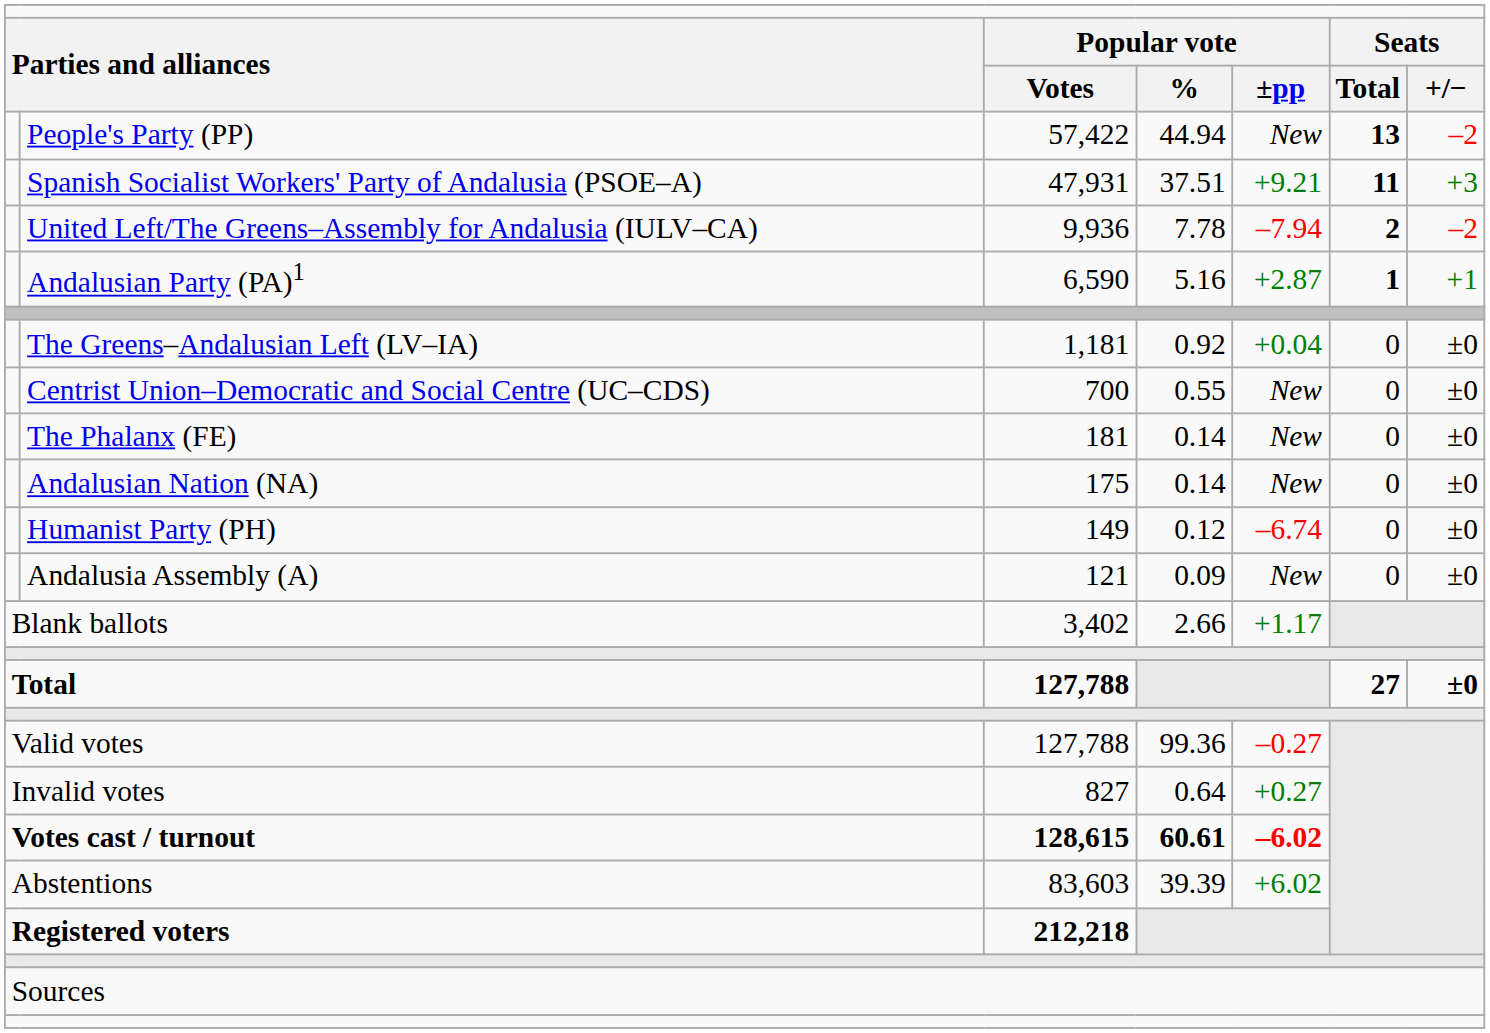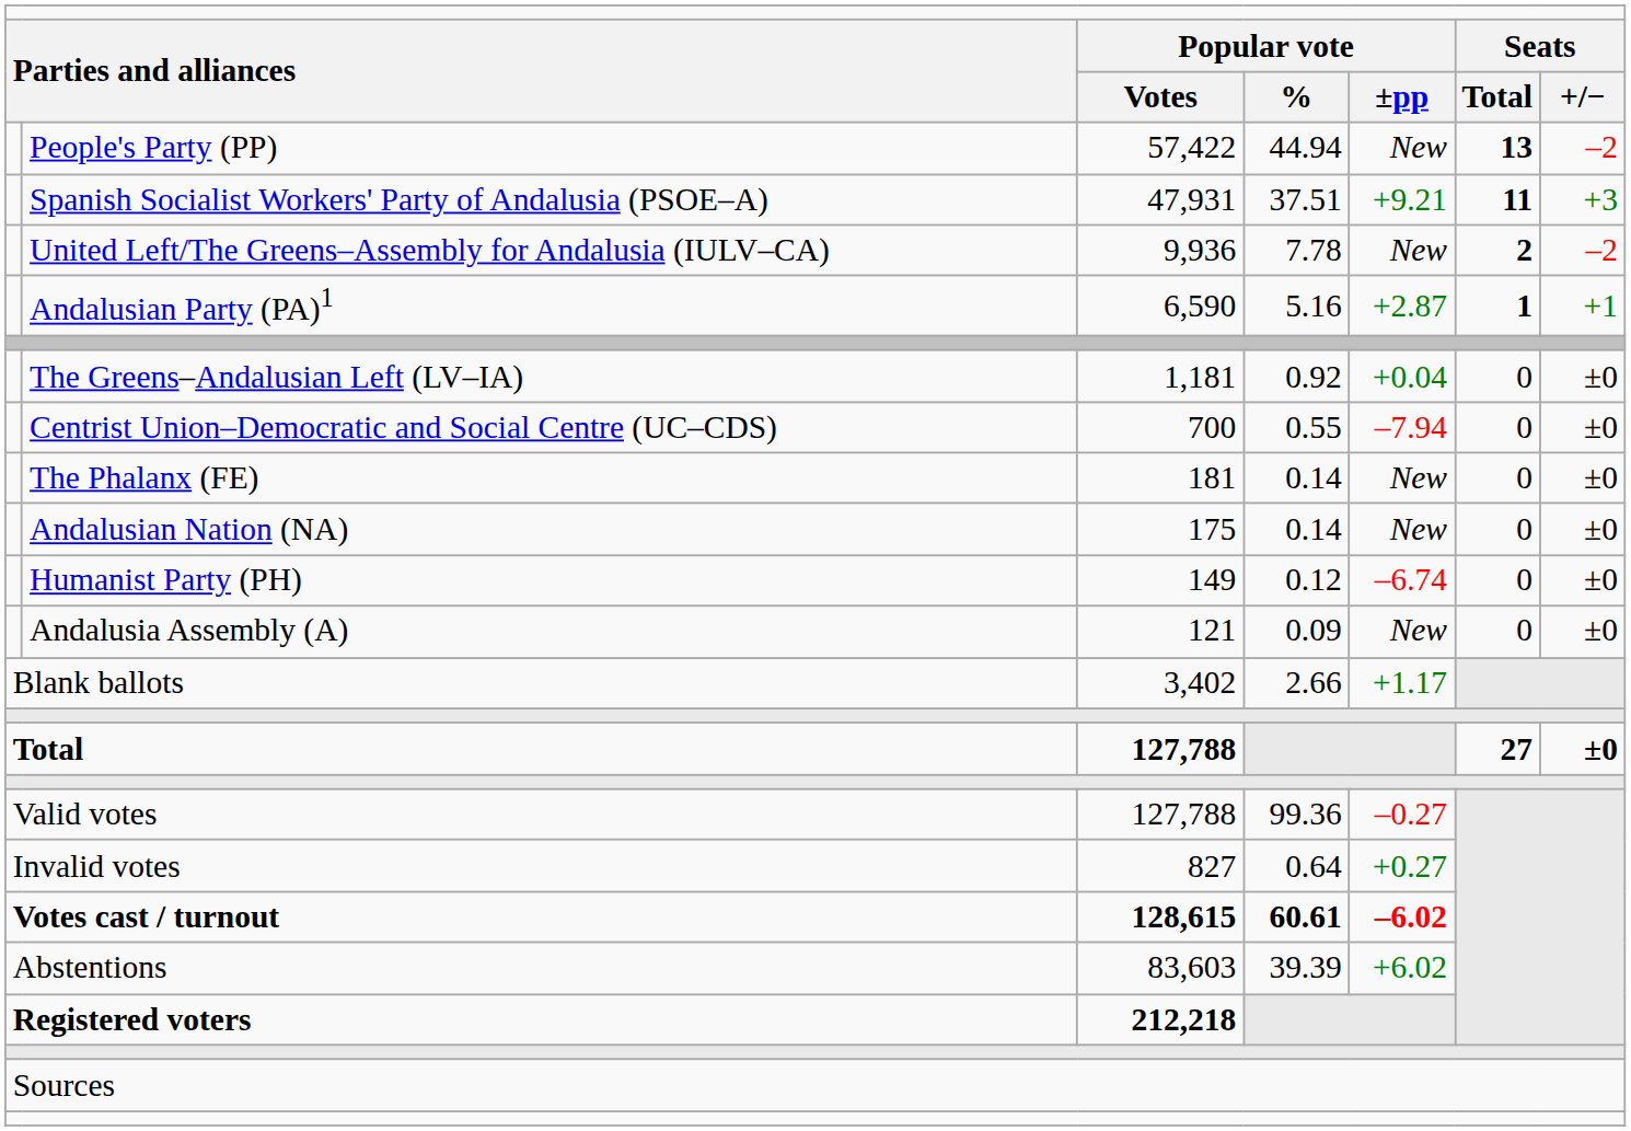 <table class="wikitable" style="text-align:right;">
 <tr>
 <td colspan="7"></td>
 </tr>
 <tr>
 <th style="text-align:left;" rowspan="2" colspan="2" width="525">Parties and alliances</th>
 <th colspan="3">Popular vote</th>
 <th colspan="2">Seats</th>
 </tr>
 <tr>
 <th width="75">Votes</th>
 <th width="45">%</th>
 <th width="45">±<a href='#'>pp</a></th>
 <th width="35">Total</th>
 <th width="35">+/−</th>
 </tr>
 <tr>
 <td width="1" style="color:inherit;background:"></td>
 <td align="left"><a href='#'>People's Party</a> (PP)</td>
 <td>57,422</td>
 <td>44.94</td>
 <td><em>New</em></td>
 <td><strong>13</strong></td>
 <td style="color:red;">–2</td>
 </tr>
 <tr>
 <td style="color:inherit;background:"></td>
 <td align="left"><a href='#'>Spanish Socialist Workers' Party of Andalusia</a> (PSOE–A)</td>
 <td>47,931</td>
 <td>37.51</td>
 <td style="color:green;">+9.21</td>
 <td><strong>11</strong></td>
 <td style="color:green;">+3</td>
 </tr>
 <tr>
 <td style="color:inherit;background:"></td>
 <td align="left"><a href='#'>United Left/The Greens–Assembly for Andalusia</a> (IULV–CA)</td>
 <td>9,936</td>
 <td>7.78</td>
-<td style="color:red;">–7.94</td>
+<td><em>New</em></td>
 <td><strong>2</strong></td>
 <td style="color:red;">–2</td>
 </tr>
 <tr>
 <td style="color:inherit;background:"></td>
 <td align="left"><a href='#'>Andalusian Party</a> (PA)<sup>1</sup></td>
 <td>6,590</td>
 <td>5.16</td>
 <td style="color:green;">+2.87</td>
 <td><strong>1</strong></td>
 <td style="color:green;">+1</td>
 </tr>
 <tr>
 <td colspan="7" bgcolor="#C0C0C0"></td>
 </tr>
 <tr>
 <td style="color:inherit;background:"></td>
 <td align="left"><a href='#'>The Greens</a>–<a href='#'>Andalusian Left</a> (LV–IA)</td>
 <td>1,181</td>
 <td>0.92</td>
 <td style="color:green;">+0.04</td>
 <td>0</td>
 <td>±0</td>
 </tr>
 <tr>
 <td style="color:inherit;background:"></td>
 <td align="left"><a href='#'>Centrist Union–Democratic and Social Centre</a> (UC–CDS)</td>
 <td>700</td>
 <td>0.55</td>
-<td><em>New</em></td>
+<td style="color:red;">–7.94</td>
 <td>0</td>
 <td>±0</td>
 </tr>
 <tr>
 <td style="color:inherit;background:"></td>
 <td align="left"><a href='#'>The Phalanx</a> (FE)</td>
 <td>181</td>
 <td>0.14</td>
 <td><em>New</em></td>
 <td>0</td>
 <td>±0</td>
 </tr>
 <tr>
 <td style="color:inherit;background:"></td>
 <td align="left"><a href='#'>Andalusian Nation</a> (NA)</td>
 <td>175</td>
 <td>0.14</td>
 <td><em>New</em></td>
 <td>0</td>
 <td>±0</td>
 </tr>
 <tr>
 <td style="color:inherit;background:"></td>
 <td align="left"><a href='#'>Humanist Party</a> (PH)</td>
 <td>149</td>
 <td>0.12</td>
 <td style="color:red;">–6.74</td>
 <td>0</td>
 <td>±0</td>
 </tr>
 <tr>
 <td style="color:inherit;background:"></td>
 <td align="left">Andalusia Assembly (A)</td>
 <td>121</td>
 <td>0.09</td>
 <td><em>New</em></td>
 <td>0</td>
 <td>±0</td>
 </tr>
 <tr>
 <td align="left" colspan="2">Blank ballots</td>
 <td>3,402</td>
 <td>2.66</td>
 <td style="color:green;">+1.17</td>
 <td bgcolor="#E9E9E9" colspan="2"></td>
 </tr>
 <tr>
 <td colspan="7" bgcolor="#E9E9E9"></td>
 </tr>
 <tr style="font-weight:bold;">
 <td align="left" colspan="2">Total</td>
 <td>127,788</td>
 <td bgcolor="#E9E9E9" colspan="2"></td>
 <td>27</td>
 <td>±0</td>
 </tr>
 <tr>
 <td colspan="7" bgcolor="#E9E9E9"></td>
 </tr>
 <tr>
 <td align="left" colspan="2">Valid votes</td>
 <td>127,788</td>
 <td>99.36</td>
 <td style="color:red;">–0.27</td>
 <td bgcolor="#E9E9E9" colspan="2" rowspan="5"></td>
 </tr>
 <tr>
 <td align="left" colspan="2">Invalid votes</td>
 <td>827</td>
 <td>0.64</td>
 <td style="color:green;">+0.27</td>
 </tr>
 <tr style="font-weight:bold;">
 <td align="left" colspan="2">Votes cast / turnout</td>
 <td>128,615</td>
 <td>60.61</td>
 <td style="color:red;">–6.02</td>
 </tr>
 <tr>
 <td align="left" colspan="2">Abstentions</td>
 <td>83,603</td>
 <td>39.39</td>
 <td style="color:green;">+6.02</td>
 </tr>
 <tr style="font-weight:bold;">
 <td align="left" colspan="2">Registered voters</td>
 <td>212,218</td>
 <td bgcolor="#E9E9E9" colspan="2"></td>
 </tr>
 <tr>
 <td colspan="7" bgcolor="#E9E9E9"></td>
 </tr>
 <tr>
 <td align="left" colspan="7">Sources</td>
 </tr>
 <tr>
 <td colspan="7" style="text-align:left; max-width:790px;"></td>
 </tr>
 </table>
